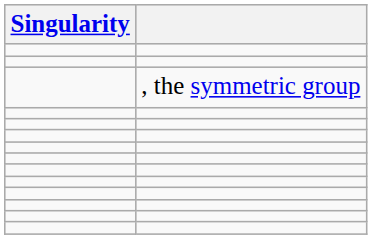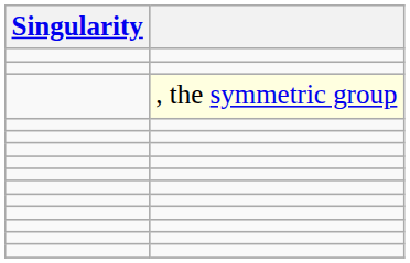 <table class="wikitable mw-collapsible">
 <tr>
 <th><a href='#'>Singularity</a></th>
 <th></th>
 </tr>
 <tr>
 <td></td>
 <td></td>
 </tr>
 <tr>
 <td></td>
 <td></td>
 </tr>
 <tr>
 <td></td>
-<td>, the <a href='#'>symmetric group</a></td>
+<td style="background: lightyellow;">, the <a href='#'>symmetric group</a></td>
 </tr>
 <tr>
 <td></td>
 <td></td>
 </tr>
 <tr>
 <td></td>
 <td></td>
 </tr>
 <tr>
 <td></td>
 <td></td>
 </tr>
 <tr>
 <td></td>
 <td></td>
 </tr>
 <tr>
 <td></td>
 <td></td>
 </tr>
 <tr>
 <td></td>
 <td></td>
 </tr>
 <tr>
 <td></td>
 <td></td>
 </tr>
 <tr>
 <td></td>
 <td></td>
 </tr>
 <tr>
 <td></td>
 <td></td>
 </tr>
 <tr>
 <td></td>
 <td></td>
 </tr>
 <tr>
 <td></td>
 <td></td>
 </tr>
 </table>
